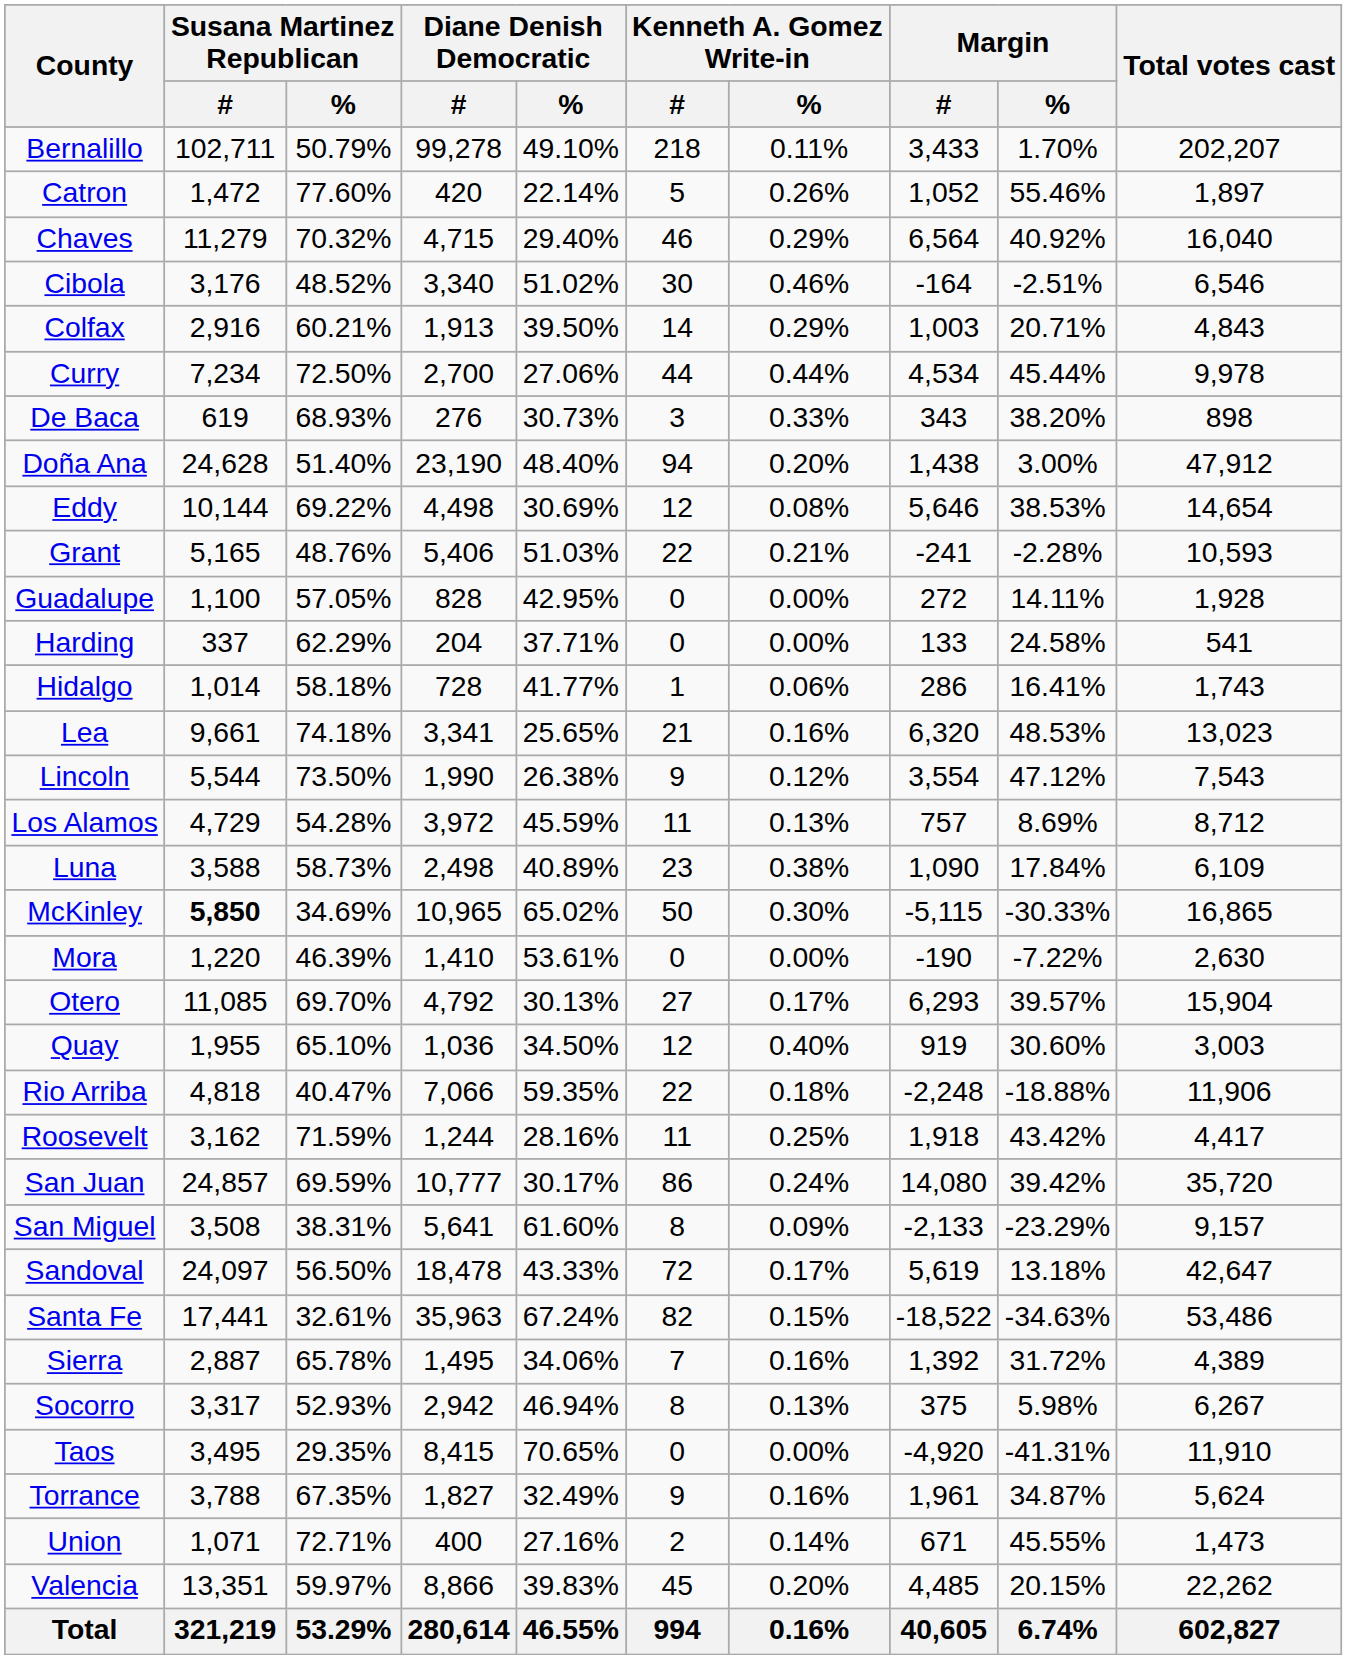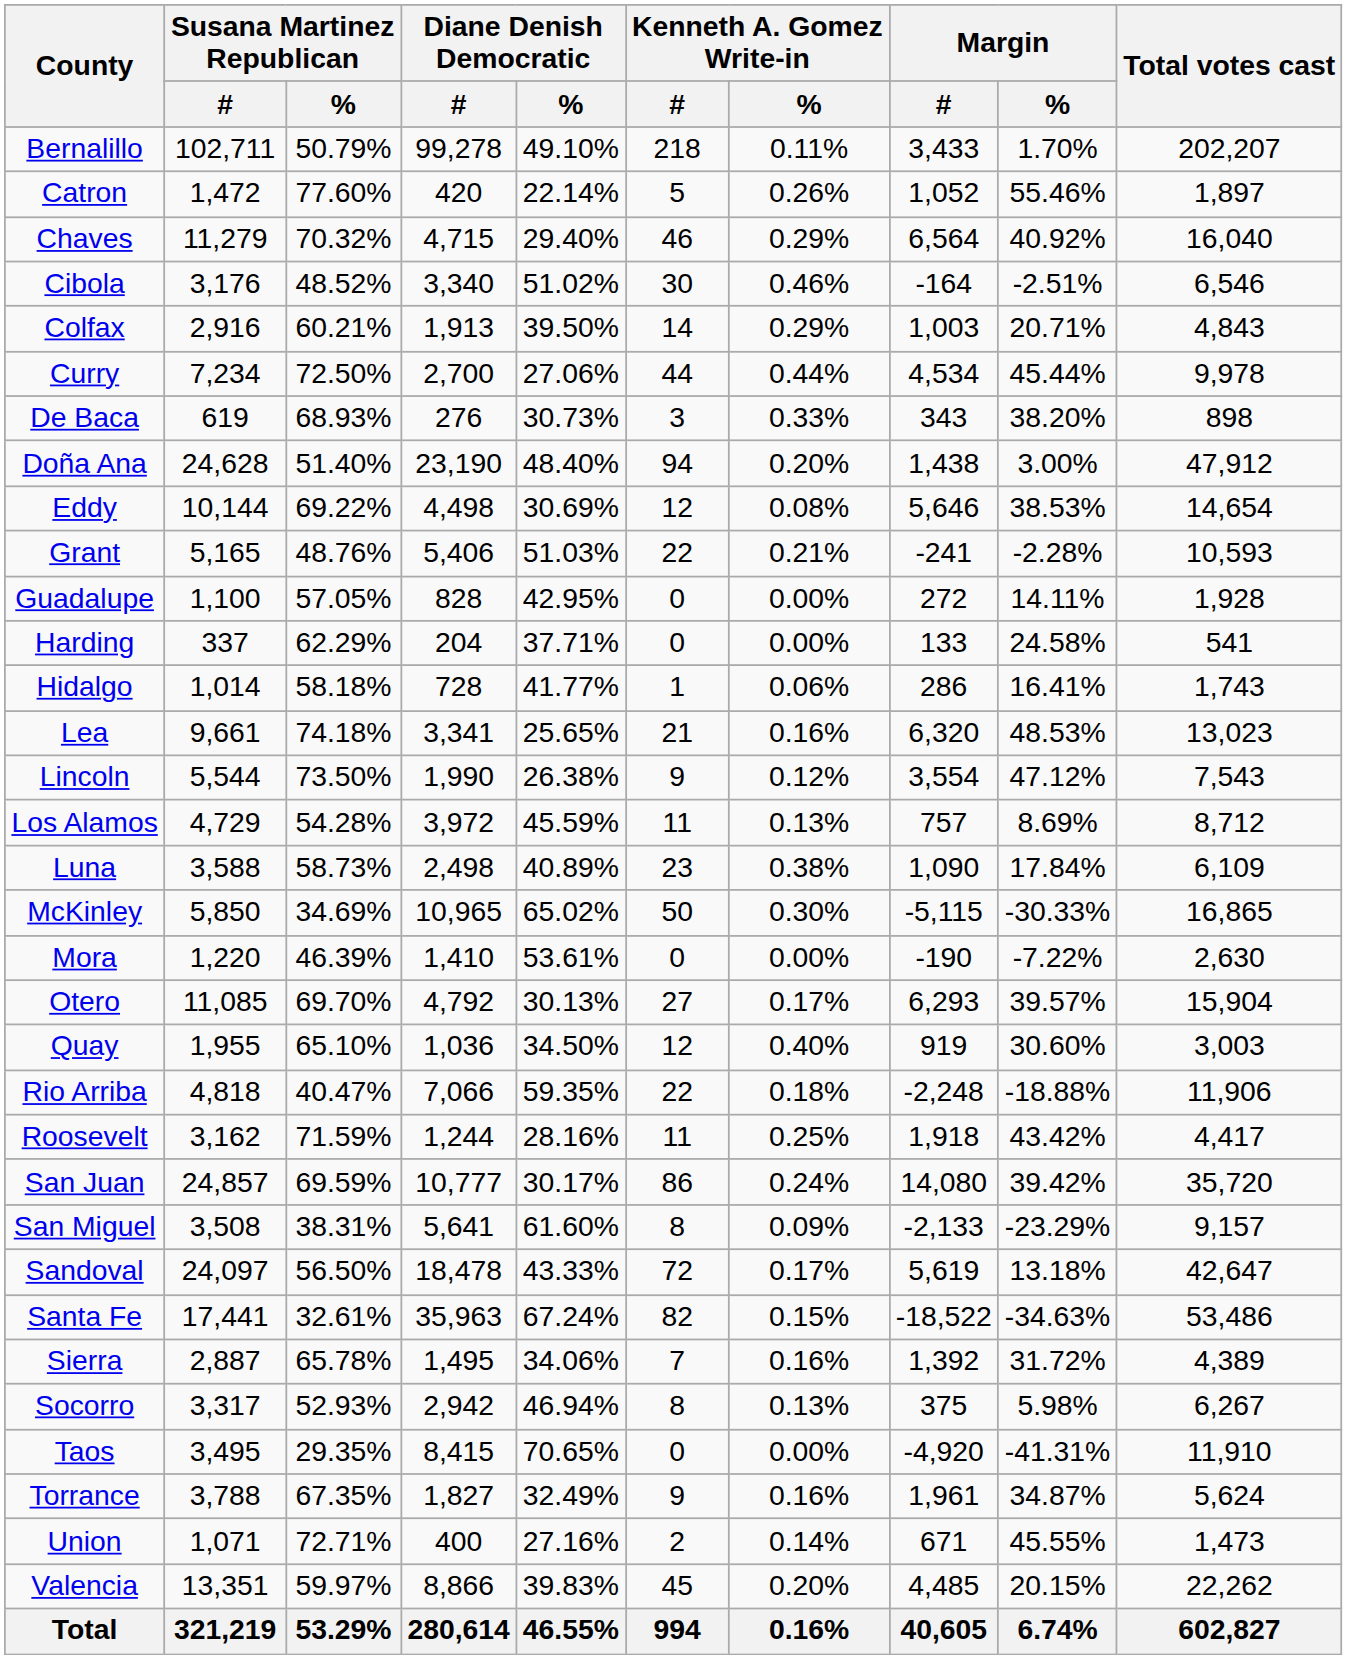 <table class="wikitable sortable" style="text-align:center">
 <tr>
 <th style="text-align:center;" rowspan="2">County</th>
 <th style="text-align:center;" colspan="2">Susana Martinez<br>Republican</th>
 <th style="text-align:center;" colspan="2">Diane Denish<br>Democratic</th>
 <th style="text-align:center;" colspan="2">Kenneth A. Gomez<br>Write-in</th>
 <th style="text-align:center;" colspan="2">Margin</th>
 <th style="text-align:center;" rowspan="2">Total votes cast</th>
 </tr>
 <tr>
 <th style="text-align:center;" data-sort-type="number">#</th>
 <th style="text-align:center;" data-sort-type="number">%</th>
 <th style="text-align:center;" data-sort-type="number">#</th>
 <th style="text-align:center;" data-sort-type="number">%</th>
 <th style="text-align:center;" data-sort-type="number">#</th>
 <th style="text-align:center;" data-sort-type="number">%</th>
 <th style="text-align:center;" data-sort-type="number">#</th>
 <th style="text-align:center;" data-sort-type="number">%</th>
 </tr>
 <tr style="text-align:center;">
 <td><a href='#'>Bernalillo</a></td>
 <td>102,711</td>
 <td>50.79%</td>
 <td>99,278</td>
 <td>49.10%</td>
 <td>218</td>
 <td>0.11%</td>
 <td>3,433</td>
 <td>1.70%</td>
 <td>202,207</td>
 </tr>
 <tr style="text-align:center;">
 <td><a href='#'>Catron</a></td>
 <td>1,472</td>
 <td>77.60%</td>
 <td>420</td>
 <td>22.14%</td>
 <td>5</td>
 <td>0.26%</td>
 <td>1,052</td>
 <td>55.46%</td>
 <td>1,897</td>
 </tr>
 <tr style="text-align:center;">
 <td><a href='#'>Chaves</a></td>
 <td>11,279</td>
 <td>70.32%</td>
 <td>4,715</td>
 <td>29.40%</td>
 <td>46</td>
 <td>0.29%</td>
 <td>6,564</td>
 <td>40.92%</td>
 <td>16,040</td>
 </tr>
 <tr style="text-align:center;">
 <td><a href='#'>Cibola</a></td>
 <td>3,176</td>
 <td>48.52%</td>
 <td>3,340</td>
 <td>51.02%</td>
 <td>30</td>
 <td>0.46%</td>
 <td>-164</td>
 <td>-2.51%</td>
 <td>6,546</td>
 </tr>
 <tr style="text-align:center;">
 <td><a href='#'>Colfax</a></td>
 <td>2,916</td>
 <td>60.21%</td>
 <td>1,913</td>
 <td>39.50%</td>
 <td>14</td>
 <td>0.29%</td>
 <td>1,003</td>
 <td>20.71%</td>
 <td>4,843</td>
 </tr>
 <tr style="text-align:center;">
 <td><a href='#'>Curry</a></td>
 <td>7,234</td>
 <td>72.50%</td>
 <td>2,700</td>
 <td>27.06%</td>
 <td>44</td>
 <td>0.44%</td>
 <td>4,534</td>
 <td>45.44%</td>
 <td>9,978</td>
 </tr>
 <tr style="text-align:center;">
 <td><a href='#'>De Baca</a></td>
 <td>619</td>
 <td>68.93%</td>
 <td>276</td>
 <td>30.73%</td>
 <td>3</td>
 <td>0.33%</td>
 <td>343</td>
 <td>38.20%</td>
 <td>898</td>
 </tr>
 <tr style="text-align:center;">
 <td><a href='#'>Doña Ana</a></td>
 <td>24,628</td>
 <td>51.40%</td>
 <td>23,190</td>
 <td>48.40%</td>
 <td>94</td>
 <td>0.20%</td>
 <td>1,438</td>
 <td>3.00%</td>
 <td>47,912</td>
 </tr>
 <tr style="text-align:center;">
 <td><a href='#'>Eddy</a></td>
 <td>10,144</td>
 <td>69.22%</td>
 <td>4,498</td>
 <td>30.69%</td>
 <td>12</td>
 <td>0.08%</td>
 <td>5,646</td>
 <td>38.53%</td>
 <td>14,654</td>
 </tr>
 <tr style="text-align:center;">
 <td><a href='#'>Grant</a></td>
 <td>5,165</td>
 <td>48.76%</td>
 <td>5,406</td>
 <td>51.03%</td>
 <td>22</td>
 <td>0.21%</td>
 <td>-241</td>
 <td>-2.28%</td>
 <td>10,593</td>
 </tr>
 <tr style="text-align:center;">
 <td><a href='#'>Guadalupe</a></td>
 <td>1,100</td>
 <td>57.05%</td>
 <td>828</td>
 <td>42.95%</td>
 <td>0</td>
 <td>0.00%</td>
 <td>272</td>
 <td>14.11%</td>
 <td>1,928</td>
 </tr>
 <tr style="text-align:center;">
 <td><a href='#'>Harding</a></td>
 <td>337</td>
 <td>62.29%</td>
 <td>204</td>
 <td>37.71%</td>
 <td>0</td>
 <td>0.00%</td>
 <td>133</td>
 <td>24.58%</td>
 <td>541</td>
 </tr>
 <tr style="text-align:center;">
 <td><a href='#'>Hidalgo</a></td>
 <td>1,014</td>
 <td>58.18%</td>
 <td>728</td>
 <td>41.77%</td>
 <td>1</td>
 <td>0.06%</td>
 <td>286</td>
 <td>16.41%</td>
 <td>1,743</td>
 </tr>
 <tr style="text-align:center;">
 <td><a href='#'>Lea</a></td>
 <td>9,661</td>
 <td>74.18%</td>
 <td>3,341</td>
 <td>25.65%</td>
 <td>21</td>
 <td>0.16%</td>
 <td>6,320</td>
 <td>48.53%</td>
 <td>13,023</td>
 </tr>
 <tr style="text-align:center;">
 <td><a href='#'>Lincoln</a></td>
 <td>5,544</td>
 <td>73.50%</td>
 <td>1,990</td>
 <td>26.38%</td>
 <td>9</td>
 <td>0.12%</td>
 <td>3,554</td>
 <td>47.12%</td>
 <td>7,543</td>
 </tr>
 <tr style="text-align:center;">
 <td><a href='#'>Los Alamos</a></td>
 <td>4,729</td>
 <td>54.28%</td>
 <td>3,972</td>
 <td>45.59%</td>
 <td>11</td>
 <td>0.13%</td>
 <td>757</td>
 <td>8.69%</td>
 <td>8,712</td>
 </tr>
 <tr style="text-align:center;">
 <td><a href='#'>Luna</a></td>
 <td>3,588</td>
 <td>58.73%</td>
 <td>2,498</td>
 <td>40.89%</td>
 <td>23</td>
 <td>0.38%</td>
 <td>1,090</td>
 <td>17.84%</td>
 <td>6,109</td>
 </tr>
 <tr style="text-align:center;">
 <td><a href='#'>McKinley</a></td>
-<td><strong>5,850</strong></td>
+<td>5,850</td>
 <td>34.69%</td>
 <td>10,965</td>
 <td>65.02%</td>
 <td>50</td>
 <td>0.30%</td>
 <td>-5,115</td>
 <td>-30.33%</td>
 <td>16,865</td>
 </tr>
 <tr style="text-align:center;">
 <td><a href='#'>Mora</a></td>
 <td>1,220</td>
 <td>46.39%</td>
 <td>1,410</td>
 <td>53.61%</td>
 <td>0</td>
 <td>0.00%</td>
 <td>-190</td>
 <td>-7.22%</td>
 <td>2,630</td>
 </tr>
 <tr style="text-align:center;">
 <td><a href='#'>Otero</a></td>
 <td>11,085</td>
 <td>69.70%</td>
 <td>4,792</td>
 <td>30.13%</td>
 <td>27</td>
 <td>0.17%</td>
 <td>6,293</td>
 <td>39.57%</td>
 <td>15,904</td>
 </tr>
 <tr style="text-align:center;">
 <td><a href='#'>Quay</a></td>
 <td>1,955</td>
 <td>65.10%</td>
 <td>1,036</td>
 <td>34.50%</td>
 <td>12</td>
 <td>0.40%</td>
 <td>919</td>
 <td>30.60%</td>
 <td>3,003</td>
 </tr>
 <tr style="text-align:center;">
 <td><a href='#'>Rio Arriba</a></td>
 <td>4,818</td>
 <td>40.47%</td>
 <td>7,066</td>
 <td>59.35%</td>
 <td>22</td>
 <td>0.18%</td>
 <td>-2,248</td>
 <td>-18.88%</td>
 <td>11,906</td>
 </tr>
 <tr style="text-align:center;">
 <td><a href='#'>Roosevelt</a></td>
 <td>3,162</td>
 <td>71.59%</td>
 <td>1,244</td>
 <td>28.16%</td>
 <td>11</td>
 <td>0.25%</td>
 <td>1,918</td>
 <td>43.42%</td>
 <td>4,417</td>
 </tr>
 <tr style="text-align:center;">
 <td><a href='#'>San Juan</a></td>
 <td>24,857</td>
 <td>69.59%</td>
 <td>10,777</td>
 <td>30.17%</td>
 <td>86</td>
 <td>0.24%</td>
 <td>14,080</td>
 <td>39.42%</td>
 <td>35,720</td>
 </tr>
 <tr style="text-align:center;">
 <td><a href='#'>San Miguel</a></td>
 <td>3,508</td>
 <td>38.31%</td>
 <td>5,641</td>
 <td>61.60%</td>
 <td>8</td>
 <td>0.09%</td>
 <td>-2,133</td>
 <td>-23.29%</td>
 <td>9,157</td>
 </tr>
 <tr style="text-align:center;">
 <td><a href='#'>Sandoval</a></td>
 <td>24,097</td>
 <td>56.50%</td>
 <td>18,478</td>
 <td>43.33%</td>
 <td>72</td>
 <td>0.17%</td>
 <td>5,619</td>
 <td>13.18%</td>
 <td>42,647</td>
 </tr>
 <tr style="text-align:center;">
 <td><a href='#'>Santa Fe</a></td>
 <td>17,441</td>
 <td>32.61%</td>
 <td>35,963</td>
 <td>67.24%</td>
 <td>82</td>
 <td>0.15%</td>
 <td>-18,522</td>
 <td>-34.63%</td>
 <td>53,486</td>
 </tr>
 <tr style="text-align:center;">
 <td><a href='#'>Sierra</a></td>
 <td>2,887</td>
 <td>65.78%</td>
 <td>1,495</td>
 <td>34.06%</td>
 <td>7</td>
 <td>0.16%</td>
 <td>1,392</td>
 <td>31.72%</td>
 <td>4,389</td>
 </tr>
 <tr style="text-align:center;">
 <td><a href='#'>Socorro</a></td>
 <td>3,317</td>
 <td>52.93%</td>
 <td>2,942</td>
 <td>46.94%</td>
 <td>8</td>
 <td>0.13%</td>
 <td>375</td>
 <td>5.98%</td>
 <td>6,267</td>
 </tr>
 <tr style="text-align:center;">
 <td><a href='#'>Taos</a></td>
 <td>3,495</td>
 <td>29.35%</td>
 <td>8,415</td>
 <td>70.65%</td>
 <td>0</td>
 <td>0.00%</td>
 <td>-4,920</td>
 <td>-41.31%</td>
 <td>11,910</td>
 </tr>
 <tr style="text-align:center;">
 <td><a href='#'>Torrance</a></td>
 <td>3,788</td>
 <td>67.35%</td>
 <td>1,827</td>
 <td>32.49%</td>
 <td>9</td>
 <td>0.16%</td>
 <td>1,961</td>
 <td>34.87%</td>
 <td>5,624</td>
 </tr>
 <tr style="text-align:center;">
 <td><a href='#'>Union</a></td>
 <td>1,071</td>
 <td>72.71%</td>
 <td>400</td>
 <td>27.16%</td>
 <td>2</td>
 <td>0.14%</td>
 <td>671</td>
 <td>45.55%</td>
 <td>1,473</td>
 </tr>
 <tr style="text-align:center;">
 <td><a href='#'>Valencia</a></td>
 <td>13,351</td>
 <td>59.97%</td>
 <td>8,866</td>
 <td>39.83%</td>
 <td>45</td>
 <td>0.20%</td>
 <td>4,485</td>
 <td>20.15%</td>
 <td>22,262</td>
 </tr>
 <tr style="text-align:center;">
 <th>Total</th>
 <th>321,219</th>
 <th>53.29%</th>
 <th>280,614</th>
 <th>46.55%</th>
 <th>994</th>
 <th>0.16%</th>
 <th>40,605</th>
 <th>6.74%</th>
 <th>602,827</th>
 </tr>
 </table>
